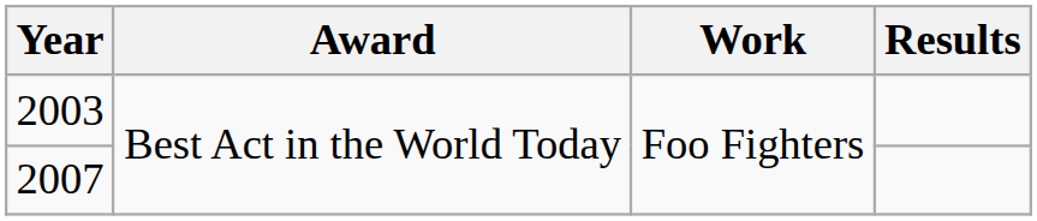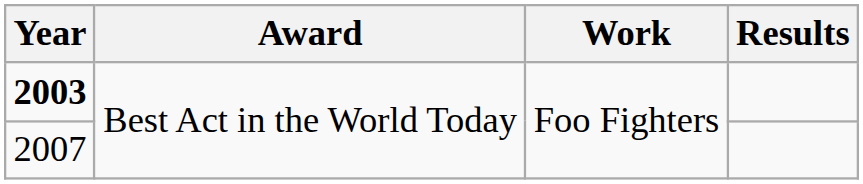 <table class="wikitable">
 <tr>
 <th>Year</th>
 <th>Award</th>
 <th>Work</th>
 <th>Results</th>
 </tr>
 <tr>
-<td>2003</td>
+<td><strong>2003</strong></td>
 <td rowspan="2">Best Act in the World Today</td>
 <td rowspan="2">Foo Fighters</td>
 <td></td>
 </tr>
 <tr>
 <td>2007</td>
 <td></td>
 </tr>
 </table>
